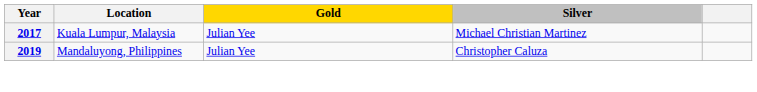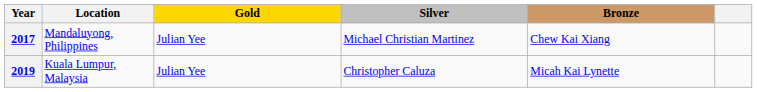 <table class="wikitable unsortable" style="text-align:left; width:80%;">
 <tr>
 <th scope="col" style="text-align:center; width:5%;">Year</th>
 <th scope="col" style="text-align:center; width:15%;">Location</th>
 <td scope="col" style="text-align:center; width:25%; background:gold"><strong>Gold</strong></td>
 <td scope="col" style="text-align:center; width:25%; background:silver"><strong>Silver</strong></td>
+<td scope="col" style="text-align:center; width:25%; background:#c96"><strong>Bronze</strong></td>
 <th scope="col" style="text-align:center; width:5%;"></th>
 </tr>
 <tr>
 <th scope="row"><a href='#'>2017</a></th>
-<td><a href='#'>Kuala Lumpur, Malaysia</a></td>
+<td><a href='#'>Mandaluyong, Philippines</a></td>
 <td> <a href='#'>Julian Yee</a></td>
 <td> <a href='#'>Michael Christian Martinez</a></td>
+<td> <a href='#'>Chew Kai Xiang</a></td>
 <td></td>
 </tr>
 <tr>
 <th scope="row"><a href='#'>2019</a></th>
-<td><a href='#'>Mandaluyong, Philippines</a></td>
+<td><a href='#'>Kuala Lumpur, Malaysia</a></td>
 <td> <a href='#'>Julian Yee</a></td>
 <td> <a href='#'>Christopher Caluza</a></td>
+<td> <a href='#'>Micah Kai Lynette</a></td>
 <td></td>
 </tr>
 </table>
